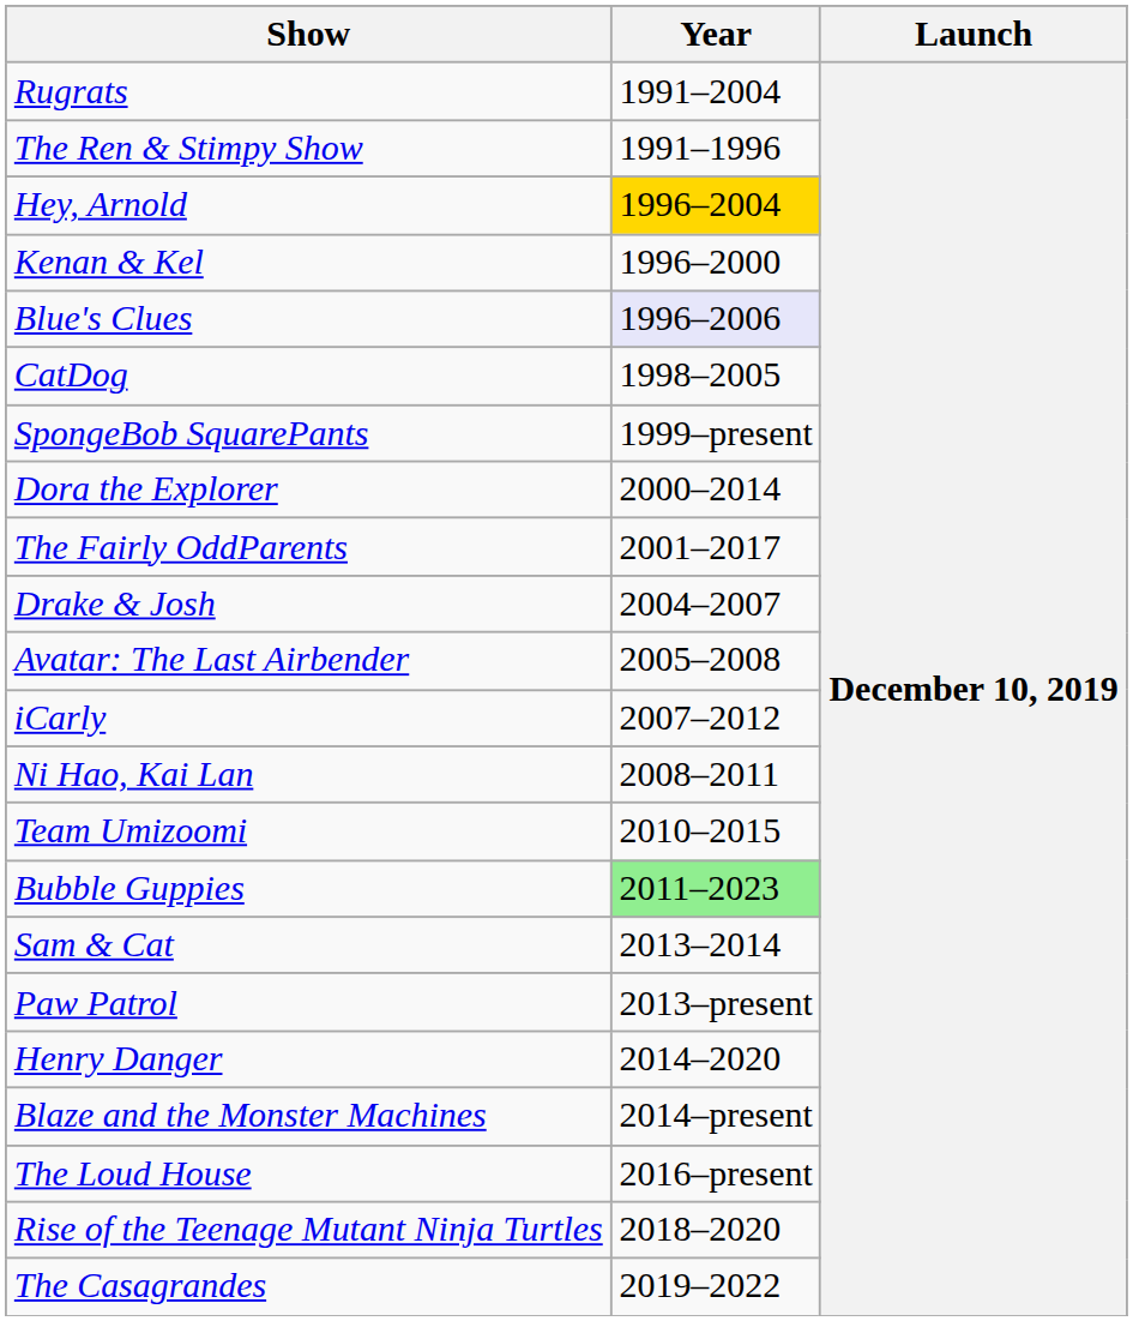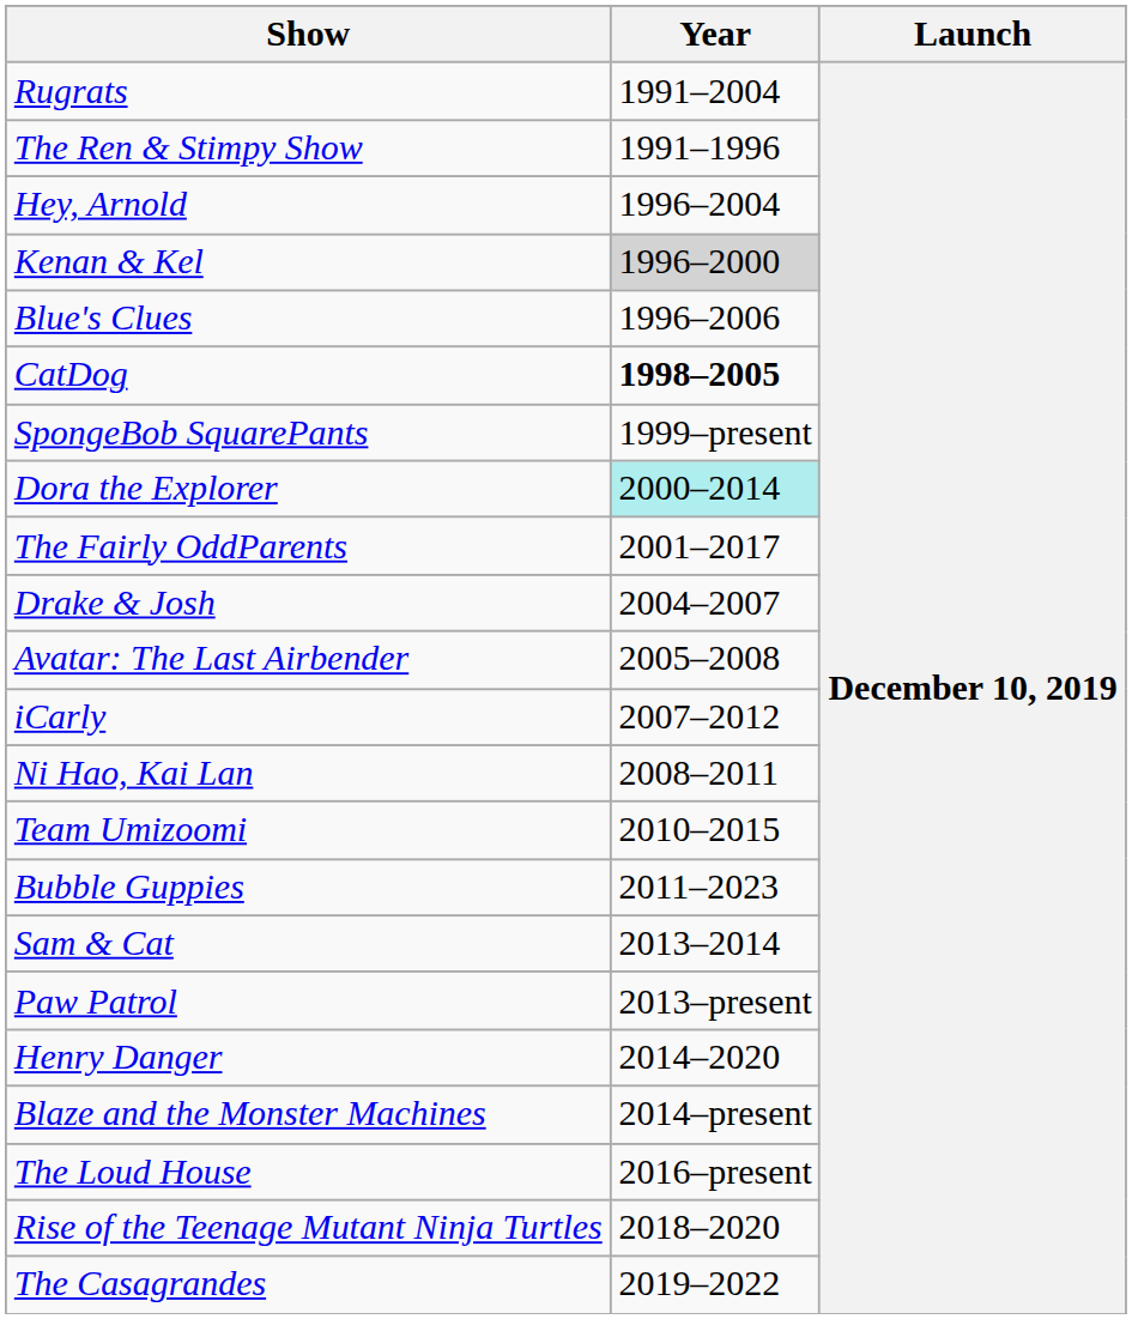 <table class="wikitable plainrowheaders sortable">
 <tr>
 <th scope="col">Show</th>
 <th scope="col">Year</th>
 <th scope="col">Launch</th>
 </tr>
 <tr>
 <td><em><a href='#'>Rugrats</a></em></td>
 <td>1991–2004</td>
 <th rowspan="22">December <strong>10, 2019</strong></th>
 </tr>
 <tr>
 <td><em><a href='#'>The Ren & Stimpy Show</a></em></td>
 <td>1991–1996</td>
 </tr>
 <tr>
 <td><em><a href='#'>Hey, Arnold</a></em></td>
-<td style="background: gold;">1996–2004</td>
+<td>1996–2004</td>
 </tr>
 <tr>
 <td><em><a href='#'>Kenan & Kel</a></em></td>
-<td>1996–2000</td>
+<td style="background: lightgrey;">1996–2000</td>
 </tr>
 <tr>
 <td><em><a href='#'>Blue's Clues</a></em></td>
-<td style="background: lavender;">1996–2006</td>
+<td>1996–2006</td>
 </tr>
 <tr>
 <td><em><a href='#'>CatDog</a></em></td>
-<td>1998–2005</td>
+<td><strong>1998–2005</strong></td>
 </tr>
 <tr>
 <td><em><a href='#'>SpongeBob SquarePants</a></em></td>
 <td>1999–present</td>
 </tr>
 <tr>
 <td><em><a href='#'>Dora the Explorer</a></em></td>
-<td>2000–2014</td>
+<td style="background: paleturquoise;">2000–2014</td>
 </tr>
 <tr>
 <td><em><a href='#'>The Fairly OddParents</a></em></td>
 <td>2001–2017</td>
 </tr>
 <tr>
 <td><em><a href='#'>Drake & Josh</a></em></td>
 <td>2004–2007</td>
 </tr>
 <tr>
 <td><em><a href='#'>Avatar: The Last Airbender</a></em></td>
 <td>2005–2008</td>
 </tr>
 <tr>
 <td><em><a href='#'>iCarly</a></em></td>
 <td>2007–2012</td>
 </tr>
 <tr>
 <td><em><a href='#'>Ni Hao, Kai Lan</a></em></td>
 <td>2008–2011</td>
 </tr>
 <tr>
 <td><em><a href='#'>Team Umizoomi</a></em></td>
 <td>2010–2015</td>
 </tr>
 <tr>
 <td><em><a href='#'>Bubble Guppies</a></em></td>
-<td style="background: lightgreen;">2011–2023</td>
+<td>2011–2023</td>
 </tr>
 <tr>
 <td><em><a href='#'>Sam & Cat</a></em></td>
 <td>2013–2014</td>
 </tr>
 <tr>
 <td><em><a href='#'>Paw Patrol</a></em></td>
 <td>2013–present</td>
 </tr>
 <tr>
 <td><em><a href='#'>Henry Danger</a></em></td>
 <td>2014–2020</td>
 </tr>
 <tr>
 <td><em><a href='#'>Blaze and the Monster Machines</a></em></td>
 <td>2014–present</td>
 </tr>
 <tr>
 <td><em><a href='#'>The Loud House</a></em></td>
 <td>2016–present</td>
 </tr>
 <tr>
 <td><em><a href='#'>Rise of the Teenage Mutant Ninja Turtles</a></em></td>
 <td>2018–2020</td>
 </tr>
 <tr>
 <td><em><a href='#'>The Casagrandes</a></em></td>
 <td>2019–2022</td>
 </tr>
 </table>
